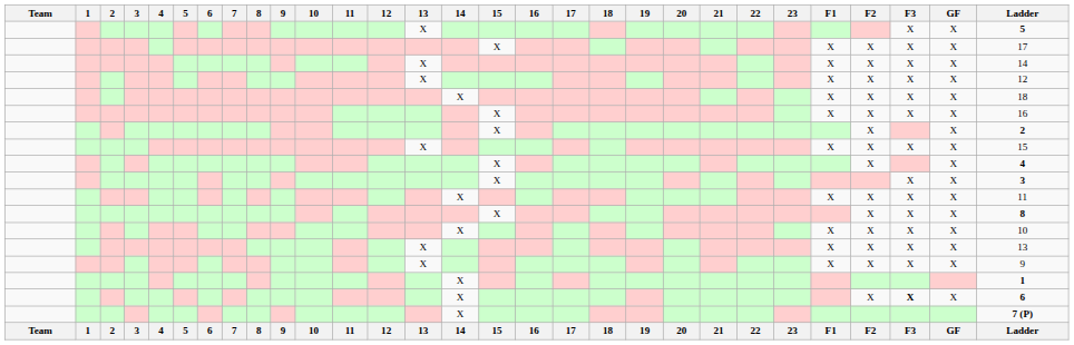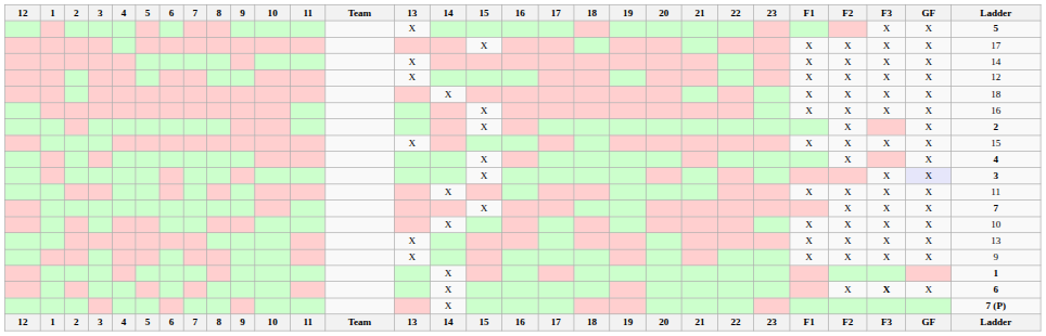 <table class="wikitable sortable" style="font-size:85%; text-align:center; width:90%">
 <tr valign="top">
-<th valign="middle">Team</th>
+<th>12</th>
 <th>1</th>
 <th>2</th>
 <th>3</th>
 <th>4</th>
 <th>5</th>
 <th>6</th>
 <th>7</th>
 <th>8</th>
 <th>9</th>
 <th>10</th>
 <th>11</th>
-<th>12</th>
+<th valign="middle">Team</th>
 <th>13</th>
 <th>14</th>
 <th>15</th>
 <th>16</th>
 <th>17</th>
 <th>18</th>
 <th>19</th>
 <th>20</th>
 <th>21</th>
 <th>22</th>
 <th>23</th>
 <th>F1</th>
 <th>F2</th>
 <th>F3</th>
 <th>GF</th>
 <th valign="middle">Ladder</th>
 </tr>
 <tr>
-<td align="left"></td>
+<td style="background:#cfc;"></td>
 <td style="background:#FFCFCF;"></td>
 <td style="background:#cfc;"></td>
 <td style="background:#cfc;"></td>
 <td style="background:#cfc;"></td>
 <td style="background:#FFCFCF"></td>
 <td style="background:#cfc;"></td>
 <td style="background:#FFCFCF;"></td>
 <td style="background:#FFCFCF;"></td>
 <td style="background:#cfc;"></td>
 <td style="background:#cfc;"></td>
 <td style="background:#cfc;"></td>
-<td style="background:#cfc;"></td>
+<td align="left"></td>
 <td>X</td>
 <td style="background:#cfc;"></td>
 <td style="background:#cfc;"></td>
 <td style="background:#cfc;"></td>
 <td style="background:#cfc;"></td>
 <td style="background:#FFCFCF;"></td>
 <td style="background:#cfc;"></td>
 <td style="background:#cfc;"></td>
 <td style="background:#cfc;"></td>
 <td style="background:#cfc;"></td>
 <td style="background:#FFCFCF;"></td>
 <td style="background:#cfc;"></td>
 <td style="background:#FFCFCF;"></td>
 <td>X</td>
 <td>X</td>
 <td style="text-align:center;"><strong>5</strong></td>
 </tr>
 <tr>
-<td align="left"></td>
+<td style="background:#FFCFCF;"></td>
 <td style="background:#FFCFCF;"></td>
 <td style="background:#FFCFCF;"></td>
 <td style="background:#FFCFCF;"></td>
 <td style="background:#cfc;"></td>
 <td style="background:#FFCFCF;"></td>
 <td style="background:#FFCFCF;"></td>
 <td style="background:#FFCFCF;"></td>
 <td style="background:#FFCFCF;"></td>
 <td style="background:#FFCFCF;"></td>
 <td style="background:#FFCFCF;"></td>
 <td style="background:#FFCFCF;"></td>
-<td style="background:#FFCFCF;"></td>
+<td align="left"></td>
 <td style="background:#FFCFCF;"></td>
 <td style="background:#FFCFCF;"></td>
 <td>X</td>
 <td style="background:#FFCFCF;"></td>
 <td style="background:#FFCFCF;"></td>
 <td style="background:#cfc;"></td>
 <td style="background:#FFCFCF;"></td>
 <td style="background:#FFCFCF;"></td>
 <td style="background:#cfc;"></td>
 <td style="background:#FFCFCF;"></td>
 <td style="background:#FFCFCF;"></td>
 <td>X</td>
 <td>X</td>
 <td>X</td>
 <td>X</td>
 <td style="text-align:center;">17</td>
 </tr>
 <tr>
-<td align="left"></td>
+<td style="background:#FFCFCF;"></td>
 <td style="background:#FFCFCF;"></td>
 <td style="background:#FFCFCF;"></td>
 <td style="background:#FFCFCF;"></td>
 <td style="background:#FFCFCF;"></td>
 <td style="background:#cfc;"></td>
 <td style="background:#cfc;"></td>
 <td style="background:#cfc;"></td>
 <td style="background:#cfc;"></td>
 <td style="background:#FFCFCF;"></td>
 <td style="background:#cfc;"></td>
 <td style="background:#cfc;"></td>
-<td style="background:#FFCFCF;"></td>
+<td align="left"></td>
 <td>X</td>
 <td style="background:#FFCFCF;"></td>
 <td style="background:#FFCFCF;"></td>
 <td style="background:#FFCFCF;"></td>
 <td style="background:#FFCFCF;"></td>
 <td style="background:#FFCFCF;"></td>
 <td style="background:#FFCFCF;"></td>
 <td style="background:#FFCFCF;"></td>
 <td style="background:#FFCFCF;"></td>
 <td style="background:#cfc;"></td>
 <td style="background:#FFCFCF;"></td>
 <td>X</td>
 <td>X</td>
 <td>X</td>
 <td>X</td>
 <td style="text-align:center;">14</td>
 </tr>
 <tr>
-<td align="left"></td>
+<td style="background:#FFCFCF;"></td>
 <td style="background:#FFCFCF;"></td>
 <td style="background:#cfc;"></td>
 <td style="background:#FFCFCF;"></td>
 <td style="background:#FFCFCF;"></td>
 <td style="background:#cfc;"></td>
 <td style="background:#FFCFCF;"></td>
 <td style="background:#FFCFCF;"></td>
 <td style="background:#cfc;"></td>
 <td style="background:#cfc;"></td>
 <td style="background:#FFCFCF;"></td>
 <td style="background:#FFCFCF;"></td>
-<td style="background:#FFCFCF;"></td>
+<td align="left"></td>
 <td>X</td>
 <td style="background:#cfc;"></td>
 <td style="background:#cfc;"></td>
 <td style="background:#cfc;"></td>
 <td style="background:#FFCFCF;"></td>
 <td style="background:#FFCFCF;"></td>
 <td style="background:#cfc;"></td>
 <td style="background:#FFCFCF;"></td>
 <td style="background:#FFCFCF;"></td>
 <td style="background:#cfc;"></td>
 <td style="background:#FFCFCF;"></td>
 <td>X</td>
 <td>X</td>
 <td>X</td>
 <td>X</td>
 <td style="text-align:center;">12</td>
 </tr>
 <tr>
-<td align="left"></td>
+<td style="background:#FFCFCF;"></td>
 <td style="background:#FFCFCF;"></td>
 <td style="background:#cfc;"></td>
 <td style="background:#FFCFCF;"></td>
 <td style="background:#FFCFCF;"></td>
 <td style="background:#FFCFCF;"></td>
 <td style="background:#FFCFCF;"></td>
 <td style="background:#FFCFCF;"></td>
 <td style="background:#FFCFCF;"></td>
 <td style="background:#FFCFCF;"></td>
 <td style="background:#FFCFCF;"></td>
 <td style="background:#FFCFCF;"></td>
-<td style="background:#FFCFCF;"></td>
+<td align="left"></td>
 <td style="background:#FFCFCF;"></td>
 <td>X</td>
 <td style="background:#FFCFCF;"></td>
 <td style="background:#FFCFCF;"></td>
 <td style="background:#FFCFCF;"></td>
 <td style="background:#FFCFCF;"></td>
 <td style="background:#FFCFCF;"></td>
 <td style="background:#FFCFCF;"></td>
 <td style="background:#cfc;"></td>
 <td style="background:#FFCFCF;"></td>
 <td style="background:#cfc;"></td>
 <td>X</td>
 <td>X</td>
 <td>X</td>
 <td>X</td>
 <td style="text-align:center;">18</td>
 </tr>
 <tr>
-<td align="left"></td>
+<td style="background:#cfc;"></td>
 <td style="background:#FFCFCF;"></td>
 <td style="background:#FFCFCF;"></td>
 <td style="background:#FFCFCF;"></td>
 <td style="background:#FFCFCF;"></td>
 <td style="background:#FFCFCF;"></td>
 <td style="background:#FFCFCF;"></td>
 <td style="background:#FFCFCF;"></td>
 <td style="background:#FFCFCF;"></td>
 <td style="background:#FFCFCF;"></td>
 <td style="background:#FFCFCF;"></td>
 <td style="background:#cfc;"></td>
-<td style="background:#cfc;"></td>
+<td align="left"></td>
 <td style="background:#cfc;"></td>
 <td style="background:#FFCFCF;"></td>
 <td>X</td>
 <td style="background:#FFCFCF;"></td>
 <td style="background:#FFCFCF;"></td>
 <td style="background:#FFCFCF;"></td>
 <td style="background:#FFCFCF;"></td>
 <td style="background:#FFCFCF;"></td>
 <td style="background:#FFCFCF;"></td>
 <td style="background:#FFCFCF;"></td>
 <td style="background:#cfc;"></td>
 <td>X</td>
 <td>X</td>
 <td>X</td>
 <td>X</td>
 <td style="text-align:center;">16</td>
 </tr>
 <tr>
-<td align="left"></td>
+<td style="background:#cfc;"></td>
 <td style="background:#cfc;"></td>
 <td style="background:#FFCFCF;"></td>
 <td style="background:#cfc;"></td>
 <td style="background:#cfc;"></td>
 <td style="background:#cfc;"></td>
 <td style="background:#cfc;"></td>
 <td style="background:#cfc;"></td>
 <td style="background:#cfc;"></td>
 <td style="background:#FFCFCF;"></td>
 <td style="background:#FFCFCF;"></td>
 <td style="background:#cfc;"></td>
-<td style="background:#cfc;"></td>
+<td align="left"></td>
 <td style="background:#cfc;"></td>
 <td style="background:#FFCFCF;"></td>
 <td>X</td>
 <td style="background:#FFCFCF;"></td>
 <td style="background:#cfc;"></td>
 <td style="background:#cfc;"></td>
 <td style="background:#cfc;"></td>
 <td style="background:#cfc;"></td>
 <td style="background:#cfc;"></td>
 <td style="background:#cfc;"></td>
 <td style="background:#cfc;"></td>
 <td style="background:#cfc;"></td>
 <td>X</td>
 <td style="background:#FFCFCF;"></td>
 <td>X</td>
 <td style="text-align:center;"><strong>2</strong></td>
 </tr>
 <tr>
-<td align="left"></td>
+<td style="background:#FFCFCF;"></td>
 <td style="background:#cfc;"></td>
 <td style="background:#cfc;"></td>
 <td style="background:#cfc;"></td>
 <td style="background:#FFCFCF;"></td>
 <td style="background:#FFCFCF;"></td>
 <td style="background:#FFCFCF;"></td>
 <td style="background:#FFCFCF;"></td>
 <td style="background:#FFCFCF;"></td>
 <td style="background:#FFCFCF;"></td>
 <td style="background:#FFCFCF;"></td>
 <td style="background:#FFCFCF;"></td>
-<td style="background:#FFCFCF;"></td>
+<td align="left"></td>
 <td>X</td>
 <td style="background:#FFCFCF;"></td>
 <td style="background:#cfc;"></td>
 <td style="background:#cfc;"></td>
 <td style="background:#FFCFCF;"></td>
 <td style="background:#cfc;"></td>
 <td style="background:#FFCFCF;"></td>
 <td style="background:#FFCFCF;"></td>
 <td style="background:#FFCFCF;"></td>
 <td style="background:#FFCFCF;"></td>
 <td style="background:#FFCFCF;"></td>
 <td>X</td>
 <td>X</td>
 <td>X</td>
 <td>X</td>
 <td style="text-align:center;">15</td>
 </tr>
 <tr>
-<td align="left"></td>
+<td style="background:#cfc;"></td>
 <td style="background:#FFCFCF;"></td>
 <td style="background:#cfc;"></td>
 <td style="background:#FFCFCF;"></td>
 <td style="background:#cfc;"></td>
 <td style="background:#cfc;"></td>
 <td style="background:#cfc;"></td>
 <td style="background:#cfc;"></td>
 <td style="background:#cfc;"></td>
 <td style="background:#cfc;"></td>
 <td style="background:#FFCFCF;"></td>
 <td style="background:#FFCFCF;"></td>
-<td style="background:#cfc;"></td>
+<td align="left"></td>
 <td style="background:#cfc;"></td>
 <td style="background:#cfc;"></td>
 <td>X</td>
 <td style="background:#FFCFCF;"></td>
 <td style="background:#cfc;"></td>
 <td style="background:#cfc;"></td>
 <td style="background:#cfc;"></td>
 <td style="background:#cfc;"></td>
 <td style="background:#FFCFCF;"></td>
 <td style="background:#cfc;"></td>
 <td style="background:#cfc;"></td>
 <td style="background:#cfc;"></td>
 <td>X</td>
 <td style="background:#FFCFCF;"></td>
 <td>X</td>
 <td style="text-align:center;"><strong>4</strong></td>
 </tr>
 <tr>
-<td align="left"></td>
+<td style="background:#cfc;"></td>
 <td style="background:#FFCFCF;"></td>
 <td style="background:#cfc;"></td>
 <td style="background:#cfc;"></td>
 <td style="background:#cfc;"></td>
 <td style="background:#cfc;"></td>
 <td style="background:#FFCFCF;"></td>
 <td style="background:#cfc;"></td>
 <td style="background:#cfc;"></td>
 <td style="background:#FFCFCF;"></td>
 <td style="background:#cfc;"></td>
 <td style="background:#cfc;"></td>
-<td style="background:#cfc;"></td>
+<td align="left"></td>
 <td style="background:#cfc;"></td>
 <td style="background:#cfc;"></td>
 <td>X</td>
 <td style="background:#cfc;"></td>
 <td style="background:#cfc;"></td>
 <td style="background:#cfc;"></td>
 <td style="background:#cfc;"></td>
 <td style="background:#FFCFCF;"></td>
 <td style="background:#cfc;"></td>
 <td style="background:#FFCFCF;"></td>
 <td style="background:#cfc;"></td>
 <td style="background:#FFCFCF;"></td>
 <td style="background:#FFCFCF;"></td>
 <td>X</td>
-<td>X</td>
+<td style="background: lavender;">X</td>
 <td style="text-align:center;"><strong>3</strong></td>
 </tr>
 <tr>
-<td align="left"></td>
+<td style="background:#cfc;"></td>
 <td style="background:#cfc;"></td>
 <td style="background:#FFCFCF;"></td>
 <td style="background:#FFCFCF;"></td>
 <td style="background:#cfc;"></td>
 <td style="background:#cfc;"></td>
 <td style="background:#FFCFCF;"></td>
 <td style="background:#cfc;"></td>
 <td style="background:#FFCFCF;"></td>
 <td style="background:#cfc;"></td>
 <td style="background:#FFCFCF;"></td>
 <td style="background:#FFCFCF;"></td>
-<td style="background:#cfc;"></td>
+<td align="left"></td>
 <td style="background:#FFCFCF;"></td>
 <td>X</td>
 <td style="background:#FFCFCF;"></td>
 <td style="background:#cfc;"></td>
 <td style="background:#FFCFCF;"></td>
 <td style="background:#FFCFCF;"></td>
 <td style="background:#cfc;"></td>
 <td style="background:#cfc;"></td>
 <td style="background:#cfc;"></td>
 <td style="background:#FFCFCF;"></td>
 <td style="background:#FFCFCF;"></td>
 <td>X</td>
 <td>X</td>
 <td>X</td>
 <td>X</td>
 <td style="text-align:center;">11</td>
 </tr>
 <tr>
-<td align="left"></td>
+<td style="background:#FFCFCF;"></td>
 <td style="background:#cfc;"></td>
 <td style="background:#cfc;"></td>
 <td style="background:#cfc;"></td>
 <td style="background:#cfc;"></td>
 <td style="background:#cfc;"></td>
 <td style="background:#cfc;"></td>
 <td style="background:#cfc;"></td>
 <td style="background:#cfc;"></td>
 <td style="background:#cfc;"></td>
 <td style="background:#FFCFCF;"></td>
 <td style="background:#cfc;"></td>
-<td style="background:#FFCFCF;"></td>
+<td align="left"></td>
 <td style="background:#FFCFCF;"></td>
 <td style="background:#FFCFCF;"></td>
 <td>X</td>
 <td style="background:#FFCFCF;"></td>
 <td style="background:#FFCFCF;"></td>
 <td style="background:#cfc;"></td>
 <td style="background:#cfc;"></td>
 <td style="background:#FFCFCF;"></td>
 <td style="background:#FFCFCF;"></td>
 <td style="background:#FFCFCF;"></td>
 <td style="background:#FFCFCF;"></td>
 <td style="background:#FFCFCF;"></td>
 <td>X</td>
 <td>X</td>
 <td>X</td>
-<td style="text-align:center;"><strong>8</strong></td>
+<td style="text-align:center;"><strong>7</strong></td>
 </tr>
 <tr>
-<td align="left"></td>
+<td style="background:#FFCFCF;"></td>
 <td style="background:#cfc;"></td>
 <td style="background:#FFCFCF;"></td>
 <td style="background:#cfc;"></td>
 <td style="background:#FFCFCF;"></td>
 <td style="background:#FFCFCF;"></td>
 <td style="background:#cfc;"></td>
 <td style="background:#cfc;"></td>
 <td style="background:#FFCFCF;"></td>
 <td style="background:#FFCFCF;"></td>
 <td style="background:#cfc;"></td>
 <td style="background:#cfc;"></td>
-<td style="background:#FFCFCF;"></td>
+<td align="left"></td>
 <td style="background:#FFCFCF;"></td>
 <td>X</td>
 <td style="background:#cfc;"></td>
 <td style="background:#FFCFCF;"></td>
 <td style="background:#cfc;"></td>
 <td style="background:#FFCFCF;"></td>
 <td style="background:#cfc;"></td>
 <td style="background:#FFCFCF;"></td>
 <td style="background:#FFCFCF;"></td>
 <td style="background:#FFCFCF;"></td>
 <td style="background:#cfc;"></td>
 <td>X</td>
 <td>X</td>
 <td>X</td>
 <td>X</td>
 <td style="text-align:center;">10</td>
 </tr>
 <tr>
-<td align="left"></td>
+<td style="background:#cfc;"></td>
 <td style="background:#cfc;"></td>
 <td style="background:#FFCFCF;"></td>
 <td style="background:#FFCFCF;"></td>
 <td style="background:#FFCFCF;"></td>
 <td style="background:#FFCFCF;"></td>
 <td style="background:#FFCFCF;"></td>
 <td style="background:#FFCFCF;"></td>
 <td style="background:#cfc;"></td>
 <td style="background:#cfc;"></td>
 <td style="background:#cfc;"></td>
 <td style="background:#FFCFCF;"></td>
-<td style="background:#cfc;"></td>
+<td align="left"></td>
 <td>X</td>
 <td style="background:#cfc;"></td>
 <td style="background:#FFCFCF;"></td>
 <td style="background:#FFCFCF;"></td>
 <td style="background:#cfc;"></td>
 <td style="background:#FFCFCF;"></td>
 <td style="background:#FFCFCF;"></td>
 <td style="background:#cfc;"></td>
 <td style="background:#FFCFCF;"></td>
 <td style="background:#FFCFCF;"></td>
 <td style="background:#FFCFCF;"></td>
 <td>X</td>
 <td>X</td>
 <td>X</td>
 <td>X</td>
 <td style="text-align:center;">13</td>
 </tr>
 <tr>
-<td align="left"></td>
+<td style="background:#cfc;"></td>
 <td style="background:#FFCFCF;"></td>
 <td style="background:#FFCFCF;"></td>
 <td style="background:#cfc;"></td>
 <td style="background:#FFCFCF;"></td>
 <td style="background:#FFCFCF;"></td>
 <td style="background:#cfc;"></td>
 <td style="background:#FFCFCF;"></td>
 <td style="background:#FFCFCF;"></td>
 <td style="background:#cfc;"></td>
 <td style="background:#cfc;"></td>
 <td style="background:#FFCFCF;"></td>
-<td style="background:#cfc;"></td>
+<td align="left"></td>
 <td>X</td>
 <td style="background:#cfc;"></td>
 <td style="background:#FFCFCF;"></td>
 <td style="background:#cfc;"></td>
 <td style="background:#cfc;"></td>
 <td style="background:#cfc;"></td>
 <td style="background:#FFCFCF;"></td>
 <td style="background:#cfc;"></td>
 <td style="background:#FFCFCF;"></td>
 <td style="background:#cfc;"></td>
 <td style="background:#cfc;"></td>
 <td>X</td>
 <td>X</td>
 <td>X</td>
 <td>X</td>
 <td style="text-align:center;">9</td>
 </tr>
 <tr>
-<td align="left"></td>
+<td style="background:#FFCFCF;"></td>
 <td style="background:#cfc;"></td>
 <td style="background:#cfc;"></td>
 <td style="background:#cfc;"></td>
 <td style="background:#FFCFCF;"></td>
 <td style="background:#cfc;"></td>
 <td style="background:#cfc;"></td>
 <td style="background:#cfc;"></td>
 <td style="background:#FFCFCF;"></td>
 <td style="background:#cfc;"></td>
 <td style="background:#cfc;"></td>
 <td style="background:#cfc;"></td>
-<td style="background:#FFCFCF;"></td>
+<td align="left"></td>
 <td style="background:#cfc;"></td>
 <td>X</td>
 <td style="background:#FFCFCF;"></td>
 <td style="background:#cfc;"></td>
 <td style="background:#FFCFCF;"></td>
 <td style="background:#cfc;"></td>
 <td style="background:#cfc;"></td>
 <td style="background:#cfc;"></td>
 <td style="background:#cfc;"></td>
 <td style="background:#cfc;"></td>
 <td style="background:#cfc;"></td>
 <td style="background:#FFCFCF;"></td>
 <td style="background:#cfc;"></td>
 <td style="background:#cfc;"></td>
 <td style="background:#FFCFCF;"></td>
 <td style="text-align:center;"><strong>1</strong></td>
 </tr>
 <tr>
-<td align="left"></td>
+<td style="background:#FFCFCF;"></td>
 <td style="background:#cfc;"></td>
 <td style="background:#FFCFCF;"></td>
 <td style="background:#cfc;"></td>
 <td style="background:#cfc;"></td>
 <td style="background:#FFCFCF;"></td>
 <td style="background:#cfc;"></td>
 <td style="background:#FFCFCF;"></td>
 <td style="background:#cfc;"></td>
 <td style="background:#cfc;"></td>
 <td style="background:#cfc;"></td>
 <td style="background:#FFCFCF;"></td>
-<td style="background:#FFCFCF;"></td>
+<td align="left"></td>
 <td style="background:#cfc;"></td>
 <td>X</td>
 <td style="background:#cfc;"></td>
 <td style="background:#cfc;"></td>
 <td style="background:#cfc;"></td>
 <td style="background:#cfc;"></td>
 <td style="background:#FFCFCF;"></td>
 <td style="background:#cfc;"></td>
 <td style="background:#cfc;"></td>
 <td style="background:#cfc;"></td>
 <td style="background:#cfc;"></td>
 <td style="background:#FFCFCF;"></td>
 <td>X</td>
 <td><strong>X</strong></td>
 <td>X</td>
 <td style="text-align:center;"><strong>6</strong></td>
 </tr>
 <tr>
-<td align="left"></td>
+<td style="background:#cfc;"></td>
 <td style="background:#cfc;"></td>
 <td style="background:#cfc;"></td>
 <td style="background:#FFCFCF;"></td>
 <td style="background:#cfc;"></td>
 <td style="background:#cfc;"></td>
 <td style="background:#FFCFCF;"></td>
 <td style="background:#cfc;"></td>
 <td style="background:#cfc;"></td>
 <td style="background:#FFCFCF;"></td>
 <td style="background:#cfc;"></td>
 <td style="background:#cfc;"></td>
-<td style="background:#cfc;"></td>
+<td align="left"></td>
 <td style="background:#FFCFCF;"></td>
 <td>X</td>
 <td style="background:#cfc;"></td>
 <td style="background:#cfc;"></td>
 <td style="background:#cfc;"></td>
 <td style="background:#FFCFCF;"></td>
 <td style="background:#FFCFCF;"></td>
 <td style="background:#cfc;"></td>
 <td style="background:#cfc;"></td>
 <td style="background:#cfc;"></td>
 <td style="background:#FFCFCF;"></td>
 <td style="background:#cfc;"></td>
 <td style="background:#cfc;"></td>
 <td style="background:#cfc;"></td>
 <td style="background:#cfc;"></td>
 <td style="text-align:center;"><strong>7 (P)</strong></td>
 </tr>
 <tr valign="top">
-<th valign="middle">Team</th>
+<th>12</th>
 <th>1</th>
 <th>2</th>
 <th>3</th>
 <th>4</th>
 <th>5</th>
 <th>6</th>
 <th>7</th>
 <th>8</th>
 <th>9</th>
 <th>10</th>
 <th>11</th>
-<th>12</th>
+<th valign="middle">Team</th>
 <th>13</th>
 <th>14</th>
 <th>15</th>
 <th>16</th>
 <th>17</th>
 <th>18</th>
 <th>19</th>
 <th>20</th>
 <th>21</th>
 <th>22</th>
 <th>23</th>
 <th>F1</th>
 <th>F2</th>
 <th>F3</th>
 <th>GF</th>
 <th valign="middle">Ladder</th>
 </tr>
 </table>
